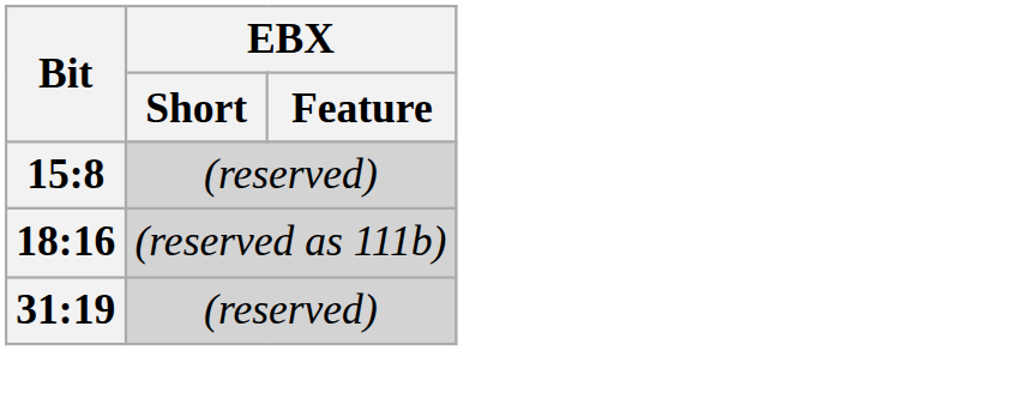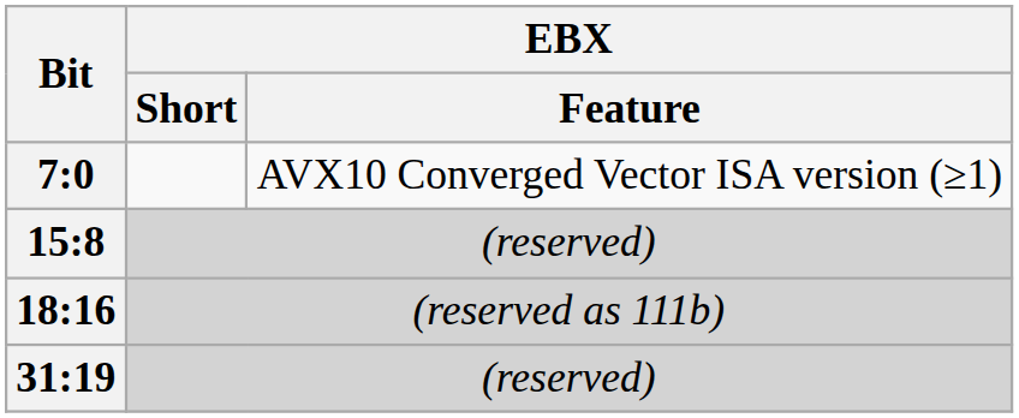 <table class="wikitable">
 <tr>
 <th rowspan=2>Bit</th>
 <th colspan=2>EBX</th>
 </tr>
 <tr>
 <th>Short</th>
 <th>Feature</th>
+</tr>
+<tr>
+<th>7:0</th>
+<td></td>
+<td>AVX10 Converged Vector ISA version (≥1)</td>
 </tr>
 <tr>
 <th>15:8</th>
 <td colspan="2" style="text-align:center; background:lightgrey;"><em>(reserved)</em></td>
 </tr>
 <tr>
 <th>18:16</th>
 <td colspan="2" style="text-align:center; background:lightgrey;"><em>(reserved as 111b)</em></td>
 </tr>
 <tr>
 <th>31:19</th>
 <td colspan="2" style="text-align:center; background:lightgrey;"><em>(reserved)</em></td>
 </tr>
 </table>
